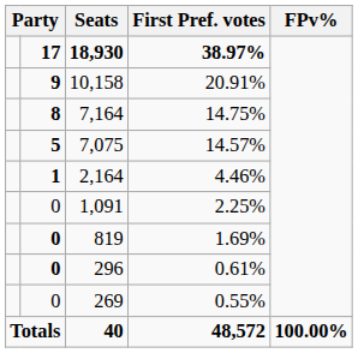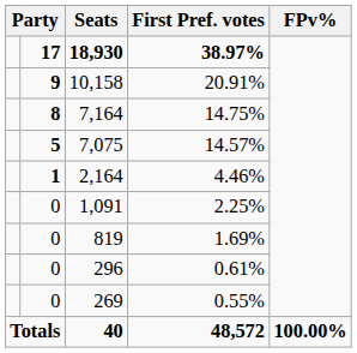 <table class=wikitable>
 <tr>
 <th colspan=2 align=center>Party</th>
 <th valign=top>Seats</th>
 <th valign=top>First Pref. votes</th>
 <th valign=top>FPv%</th>
 </tr>
 <tr>
 <td></td>
 <td align=right><strong>17</strong></td>
 <td align=right><strong>18,930</strong></td>
 <td align=right><strong>38.97%</strong></td>
 </tr>
 <tr>
 <td></td>
 <td align=right><strong>9</strong></td>
 <td align=right>10,158</td>
 <td align=right>20.91%</td>
 </tr>
 <tr>
 <td></td>
 <td align=right><strong>8</strong></td>
 <td align=right>7,164</td>
 <td align=right>14.75%</td>
 </tr>
 <tr>
 <td></td>
 <td align=right><strong>5</strong></td>
 <td align=right>7,075</td>
 <td align=right>14.57%</td>
 </tr>
 <tr>
 <td></td>
 <td align=right><strong>1</strong></td>
 <td align=right>2,164</td>
 <td align=right>4.46%</td>
 </tr>
 <tr>
 <td></td>
 <td align=right>0</td>
 <td align=right>1,091</td>
 <td align=right>2.25%</td>
 </tr>
 <tr>
 <td></td>
-<td align=right><strong>0</strong></td>
+<td align=right>0</td>
 <td align=right>819</td>
 <td align=right>1.69%</td>
 </tr>
 <tr>
 <td></td>
-<td align=right><strong>0</strong></td>
+<td align=right>0</td>
 <td align=right>296</td>
 <td align=right>0.61%</td>
 </tr>
 <tr>
 <td></td>
 <td align=right>0</td>
 <td align=right>269</td>
 <td align=right>0.55%</td>
 </tr>
 <tr>
 <td colspan=2 align=center><strong>Totals</strong></td>
 <td align=right><strong>40</strong></td>
 <td align=right><strong>48,572</strong></td>
 <td align=center><strong>100.00%</strong></td>
 </tr>
 </table>
